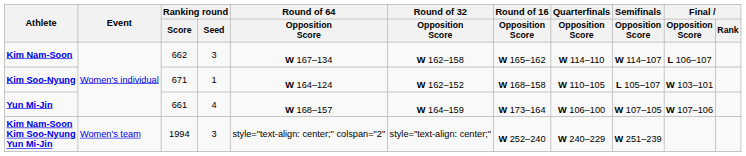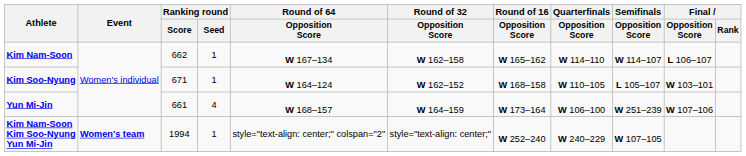 <table class="wikitable" style="font-size:90%">
 <tr>
 <th rowspan="2">Athlete</th>
 <th rowspan="2">Event</th>
 <th colspan="2">Ranking round</th>
 <th>Round of 64</th>
 <th>Round of 32</th>
 <th>Round of 16</th>
 <th>Quarterfinals</th>
 <th>Semifinals</th>
 <th colspan="2">Final / </th>
 </tr>
 <tr style="font-size:95%">
 <th>Score</th>
 <th>Seed</th>
 <th>Opposition<br>Score</th>
 <th>Opposition<br>Score</th>
 <th>Opposition<br>Score</th>
 <th>Opposition<br>Score</th>
 <th>Opposition<br>Score</th>
 <th>Opposition<br>Score</th>
 <th>Rank</th>
 </tr>
 <tr>
 <td style="text-align: left;"><strong><a href='#'>Kim Nam-Soon</a></strong></td>
 <td rowspan="3" style="text-align: left;"><a href='#'>Women's individual</a></td>
 <td style="text-align: center;">662</td>
-<td style="text-align: center;">3</td>
+<td style="text-align: center;">1</td>
 <td style="text-align: center;"><br><strong>W</strong> 167–134</td>
 <td style="text-align: center;"><br><strong>W</strong> 162–158</td>
 <td style="text-align: center;"><br><strong>W</strong> 165–162</td>
 <td style="text-align: center;"><br><strong>W</strong> 114–110</td>
 <td style="text-align: center;"><br><strong>W</strong> 114–107</td>
 <td style="text-align: center;"><br><strong>L</strong> 106–107</td>
 <td style="text-align: center;"></td>
 </tr>
 <tr>
 <td style="text-align: left;"><strong><a href='#'>Kim Soo-Nyung</a></strong></td>
 <td style="text-align: center;">671</td>
 <td style="text-align: center;">1</td>
 <td style="text-align: center;"><br><strong>W</strong> 164–124</td>
 <td style="text-align: center;"><br><strong>W</strong> 162–152</td>
 <td style="text-align: center;"><br><strong>W</strong> 168–158</td>
 <td style="text-align: center;"><br><strong>W</strong> 110–105</td>
 <td style="text-align: center;"><br><strong>L</strong> 105–107</td>
 <td style="text-align: center;"><br><strong>W</strong> 103–101</td>
 <td style="text-align: center;"></td>
 </tr>
 <tr>
 <td style="text-align: left;"><strong><a href='#'>Yun Mi-Jin</a></strong></td>
 <td style="text-align: center;">661</td>
 <td style="text-align: center;">4</td>
 <td style="text-align: center;"><br><strong>W</strong> 168–157</td>
 <td style="text-align: center;"><br><strong>W</strong> 164–159</td>
 <td style="text-align: center;"><br><strong>W</strong> 173–164</td>
 <td style="text-align: center;"><br><strong>W</strong> 106–100</td>
-<td style="text-align: center;"><br><strong>W</strong> 107–105</td>
+<td style="text-align: center;"><br><strong>W</strong> 251–239</td>
 <td style="text-align: center;"><br><strong>W</strong> 107–106</td>
 <td style="text-align: center;"></td>
 </tr>
 <tr>
 <td style="text-align: left;"><strong><a href='#'>Kim Nam-Soon</a></strong><br> <strong><a href='#'>Kim Soo-Nyung</a></strong><br> <strong><a href='#'>Yun Mi-Jin</a></strong></td>
-<td style="text-align: left;"><a href='#'>Women's team</a></td>
+<td style="text-align: left;"><strong><a href='#'>Women's team</a></strong></td>
 <td style="text-align: center;">1994</td>
-<td style="text-align: center;">3</td>
+<td style="text-align: center;">1</td>
 <td>style="text-align: center;" colspan="2" </td>
 <td>style="text-align: center;" </td>
 <td style="text-align: center;"><br><strong>W</strong> 252–240</td>
 <td style="text-align: center;"><br><strong>W</strong> 240–229</td>
-<td style="text-align: center;"><br><strong>W</strong> 251–239</td>
+<td style="text-align: center;"><br><strong>W</strong> 107–105</td>
 <td style="text-align: center;"></td>
 </tr>
 </table>
